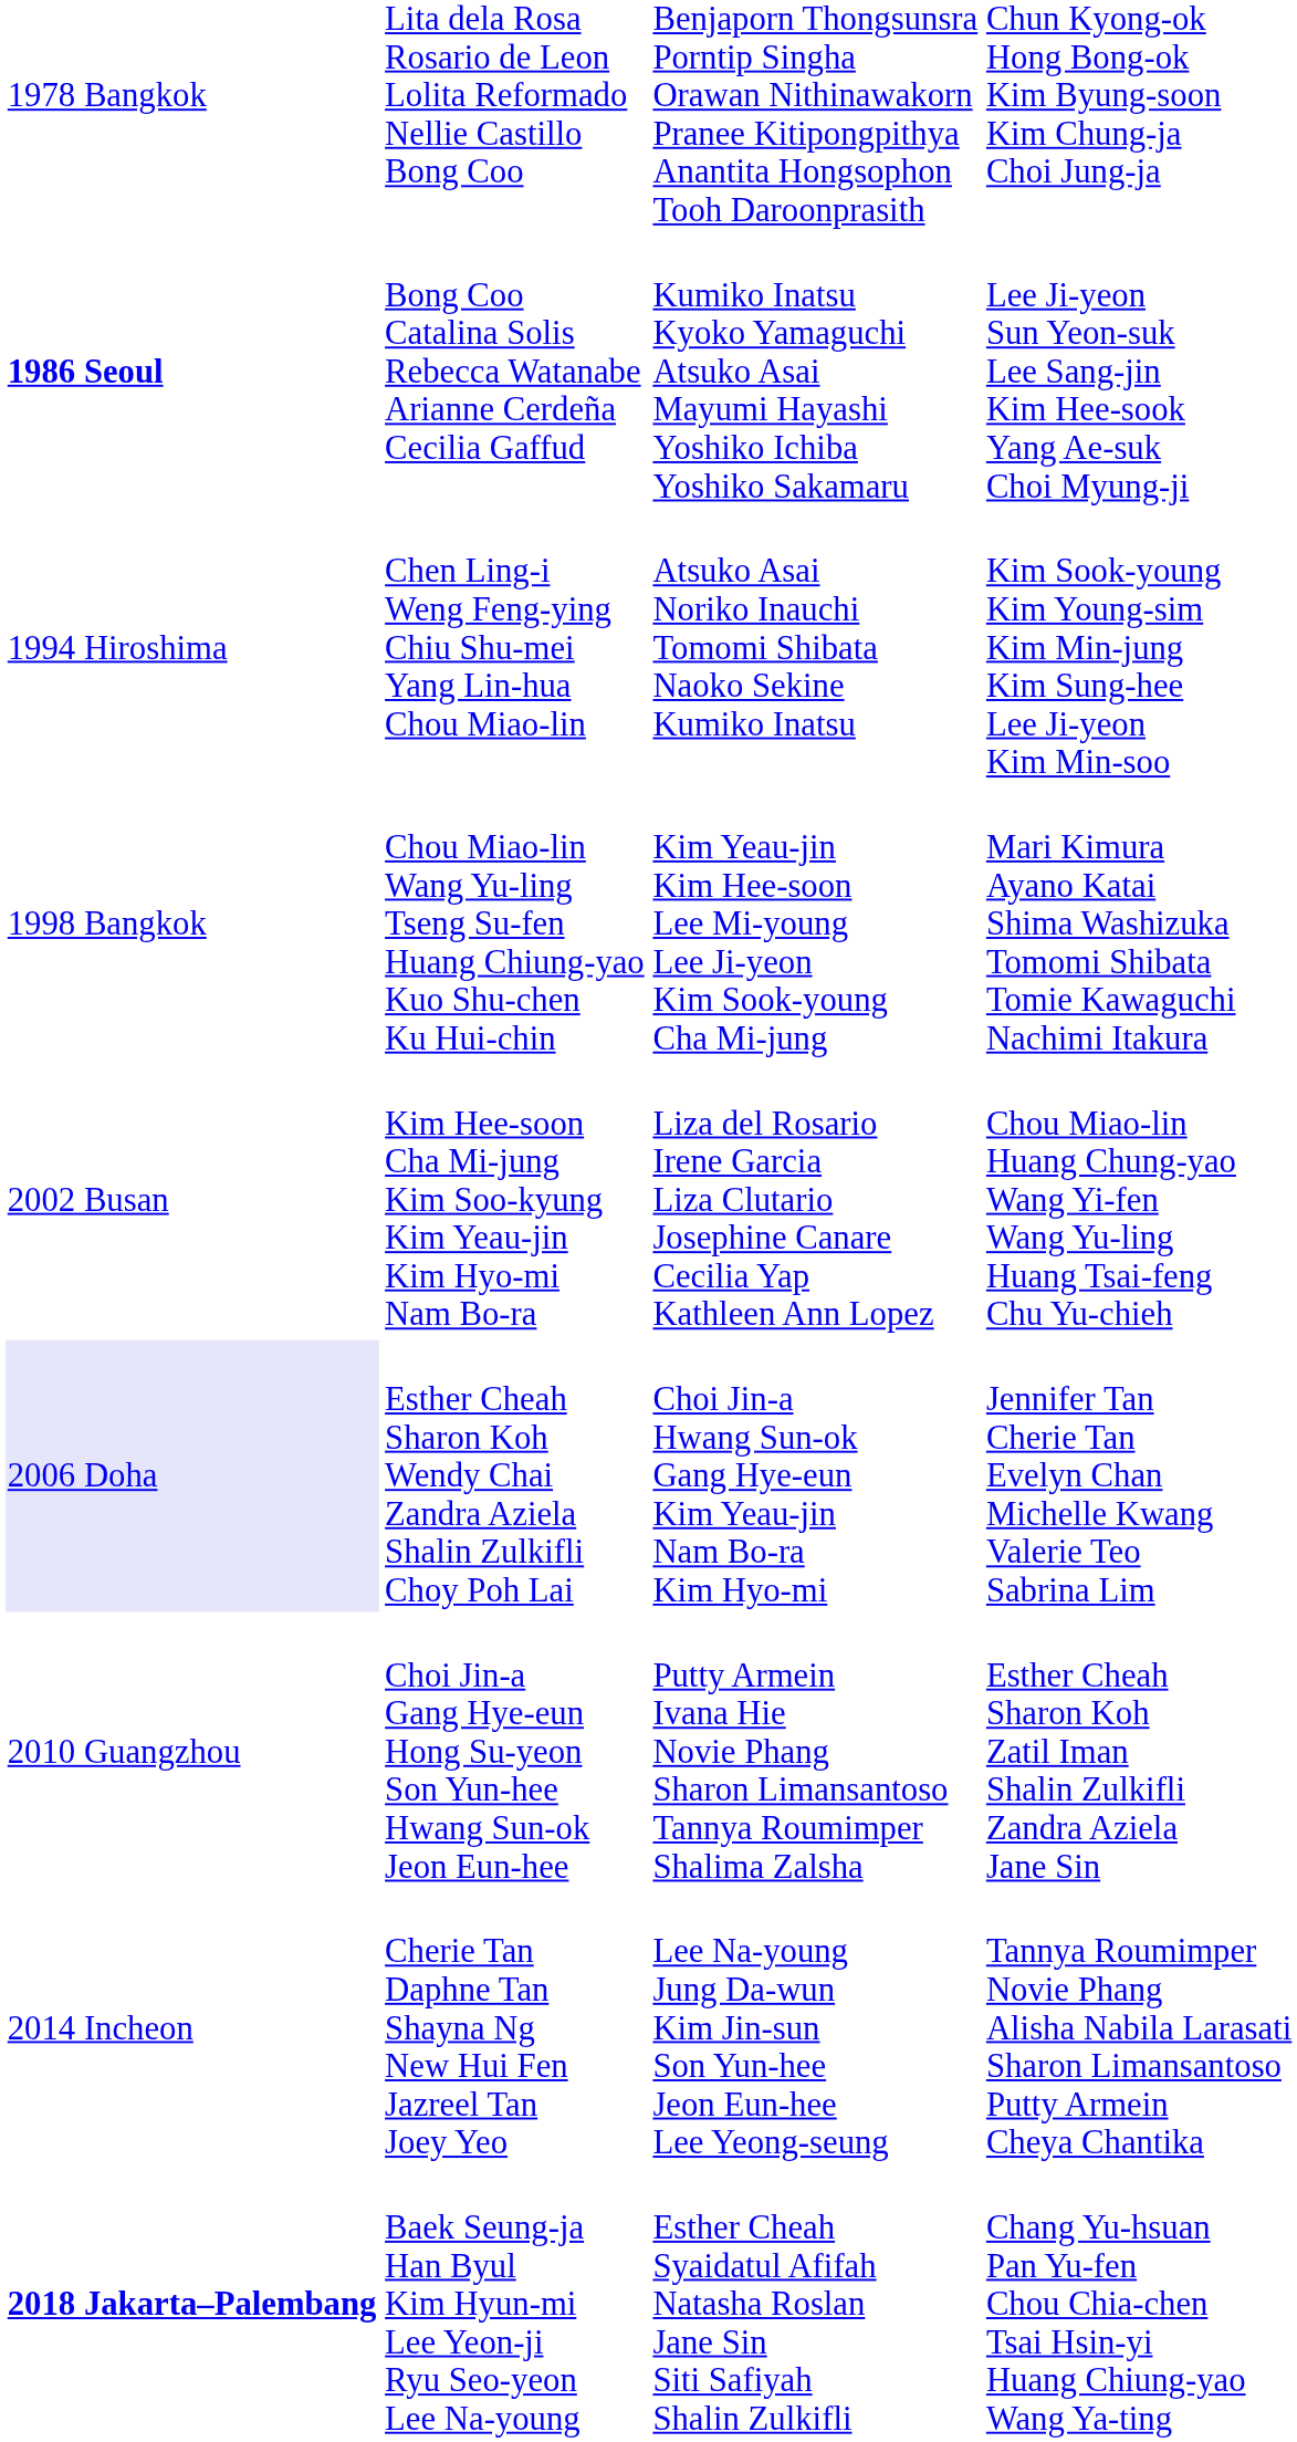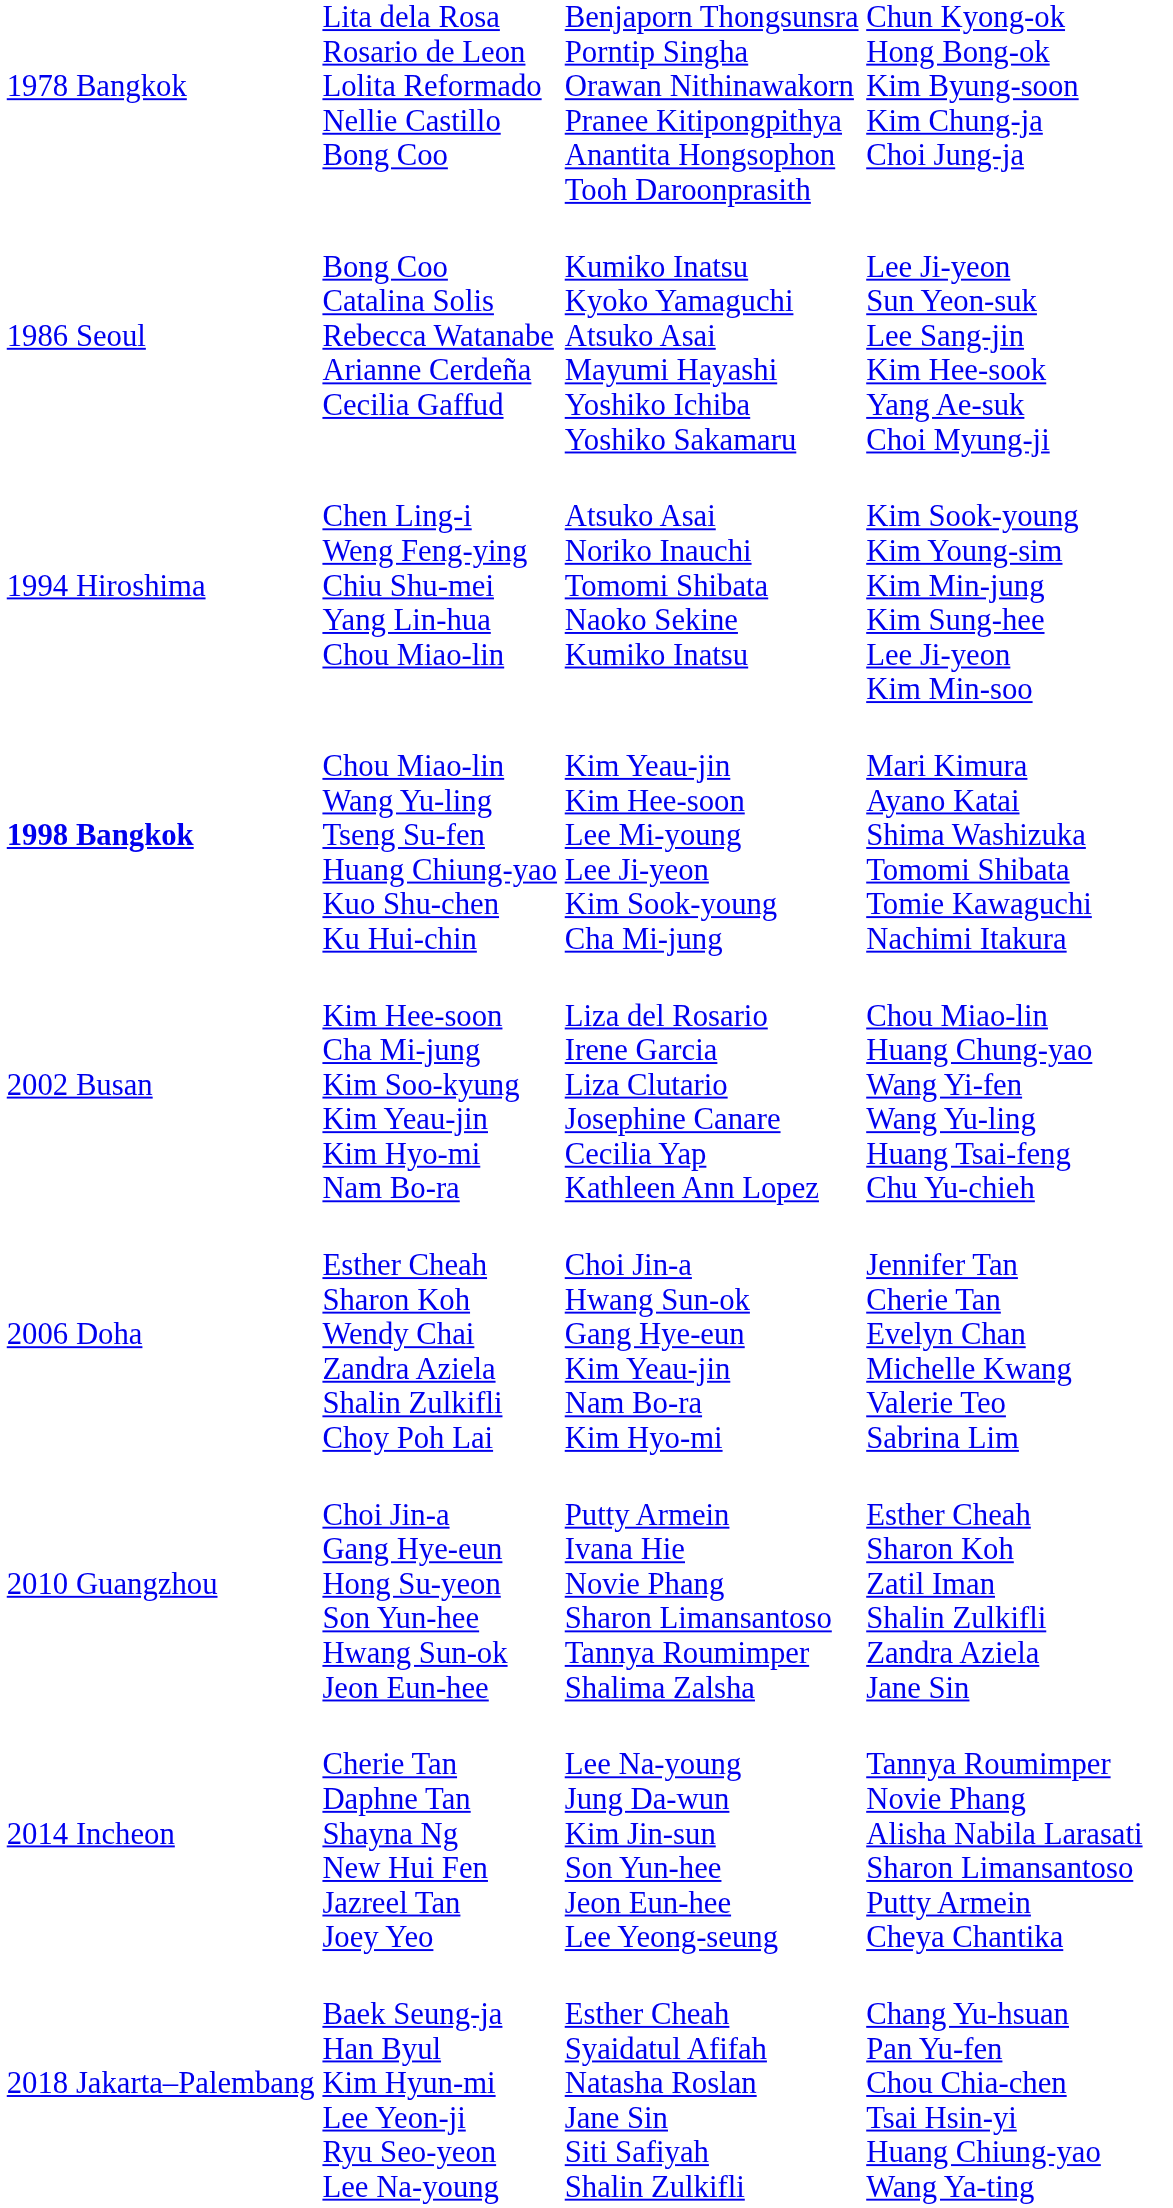 <table>
 <tr>
 <td><a href='#'>1978 Bangkok</a></td>
 <td valign=top><br><a href='#'>Lita dela Rosa</a><br><a href='#'>Rosario de Leon</a><br><a href='#'>Lolita Reformado</a><br><a href='#'>Nellie Castillo</a><br><a href='#'>Bong Coo</a></td>
 <td><br><a href='#'>Benjaporn Thongsunsra</a><br><a href='#'>Porntip Singha</a><br><a href='#'>Orawan Nithinawakorn</a><br><a href='#'>Pranee Kitipongpithya</a><br><a href='#'>Anantita Hongsophon</a><br><a href='#'>Tooh Daroonprasith</a></td>
 <td valign=top><br><a href='#'>Chun Kyong-ok</a><br><a href='#'>Hong Bong-ok</a><br><a href='#'>Kim Byung-soon</a><br><a href='#'>Kim Chung-ja</a><br><a href='#'>Choi Jung-ja</a></td>
 </tr>
 <tr>
-<td><strong><a href='#'>1986 Seoul</a></strong></td>
+<td><a href='#'>1986 Seoul</a></td>
 <td valign=top><br><a href='#'>Bong Coo</a><br><a href='#'>Catalina Solis</a><br><a href='#'>Rebecca Watanabe</a><br><a href='#'>Arianne Cerdeña</a><br><a href='#'>Cecilia Gaffud</a></td>
 <td><br><a href='#'>Kumiko Inatsu</a><br><a href='#'>Kyoko Yamaguchi</a><br><a href='#'>Atsuko Asai</a><br><a href='#'>Mayumi Hayashi</a><br><a href='#'>Yoshiko Ichiba</a><br><a href='#'>Yoshiko Sakamaru</a></td>
 <td><br><a href='#'>Lee Ji-yeon</a><br><a href='#'>Sun Yeon-suk</a><br><a href='#'>Lee Sang-jin</a><br><a href='#'>Kim Hee-sook</a><br><a href='#'>Yang Ae-suk</a><br><a href='#'>Choi Myung-ji</a></td>
 </tr>
 <tr>
 <td><a href='#'>1994 Hiroshima</a></td>
 <td valign=top><br><a href='#'>Chen Ling-i</a><br><a href='#'>Weng Feng-ying</a><br><a href='#'>Chiu Shu-mei</a><br><a href='#'>Yang Lin-hua</a><br><a href='#'>Chou Miao-lin</a></td>
 <td valign=top><br><a href='#'>Atsuko Asai</a><br><a href='#'>Noriko Inauchi</a><br><a href='#'>Tomomi Shibata</a><br><a href='#'>Naoko Sekine</a><br><a href='#'>Kumiko Inatsu</a></td>
 <td><br><a href='#'>Kim Sook-young</a><br><a href='#'>Kim Young-sim</a><br><a href='#'>Kim Min-jung</a><br><a href='#'>Kim Sung-hee</a><br><a href='#'>Lee Ji-yeon</a><br><a href='#'>Kim Min-soo</a></td>
 </tr>
 <tr>
-<td><a href='#'>1998 Bangkok</a></td>
+<td><strong><a href='#'>1998 Bangkok</a></strong></td>
 <td><br><a href='#'>Chou Miao-lin</a><br><a href='#'>Wang Yu-ling</a><br><a href='#'>Tseng Su-fen</a><br><a href='#'>Huang Chiung-yao</a><br><a href='#'>Kuo Shu-chen</a><br><a href='#'>Ku Hui-chin</a></td>
 <td><br><a href='#'>Kim Yeau-jin</a><br><a href='#'>Kim Hee-soon</a><br><a href='#'>Lee Mi-young</a><br><a href='#'>Lee Ji-yeon</a><br><a href='#'>Kim Sook-young</a><br><a href='#'>Cha Mi-jung</a></td>
 <td><br><a href='#'>Mari Kimura</a><br><a href='#'>Ayano Katai</a><br><a href='#'>Shima Washizuka</a><br><a href='#'>Tomomi Shibata</a><br><a href='#'>Tomie Kawaguchi</a><br><a href='#'>Nachimi Itakura</a></td>
 </tr>
 <tr>
 <td><a href='#'>2002 Busan</a></td>
 <td><br><a href='#'>Kim Hee-soon</a><br><a href='#'>Cha Mi-jung</a><br><a href='#'>Kim Soo-kyung</a><br><a href='#'>Kim Yeau-jin</a><br><a href='#'>Kim Hyo-mi</a><br><a href='#'>Nam Bo-ra</a></td>
 <td><br><a href='#'>Liza del Rosario</a><br><a href='#'>Irene Garcia</a><br><a href='#'>Liza Clutario</a><br><a href='#'>Josephine Canare</a><br><a href='#'>Cecilia Yap</a><br><a href='#'>Kathleen Ann Lopez</a></td>
 <td><br><a href='#'>Chou Miao-lin</a><br><a href='#'>Huang Chung-yao</a><br><a href='#'>Wang Yi-fen</a><br><a href='#'>Wang Yu-ling</a><br><a href='#'>Huang Tsai-feng</a><br><a href='#'>Chu Yu-chieh</a></td>
 </tr>
 <tr>
-<td style="background: lavender;"><a href='#'>2006 Doha</a></td>
+<td><a href='#'>2006 Doha</a></td>
 <td><br><a href='#'>Esther Cheah</a><br><a href='#'>Sharon Koh</a><br><a href='#'>Wendy Chai</a><br><a href='#'>Zandra Aziela</a><br><a href='#'>Shalin Zulkifli</a><br><a href='#'>Choy Poh Lai</a></td>
 <td><br><a href='#'>Choi Jin-a</a><br><a href='#'>Hwang Sun-ok</a><br><a href='#'>Gang Hye-eun</a><br><a href='#'>Kim Yeau-jin</a><br><a href='#'>Nam Bo-ra</a><br><a href='#'>Kim Hyo-mi</a></td>
 <td><br><a href='#'>Jennifer Tan</a><br><a href='#'>Cherie Tan</a><br><a href='#'>Evelyn Chan</a><br><a href='#'>Michelle Kwang</a><br><a href='#'>Valerie Teo</a><br><a href='#'>Sabrina Lim</a></td>
 </tr>
 <tr>
 <td><a href='#'>2010 Guangzhou</a></td>
 <td><br><a href='#'>Choi Jin-a</a><br><a href='#'>Gang Hye-eun</a><br><a href='#'>Hong Su-yeon</a><br><a href='#'>Son Yun-hee</a><br><a href='#'>Hwang Sun-ok</a><br><a href='#'>Jeon Eun-hee</a></td>
 <td><br><a href='#'>Putty Armein</a><br><a href='#'>Ivana Hie</a><br><a href='#'>Novie Phang</a><br><a href='#'>Sharon Limansantoso</a><br><a href='#'>Tannya Roumimper</a><br><a href='#'>Shalima Zalsha</a></td>
 <td><br><a href='#'>Esther Cheah</a><br><a href='#'>Sharon Koh</a><br><a href='#'>Zatil Iman</a><br><a href='#'>Shalin Zulkifli</a><br><a href='#'>Zandra Aziela</a><br><a href='#'>Jane Sin</a></td>
 </tr>
 <tr>
 <td><a href='#'>2014 Incheon</a></td>
 <td><br><a href='#'>Cherie Tan</a><br><a href='#'>Daphne Tan</a><br><a href='#'>Shayna Ng</a><br><a href='#'>New Hui Fen</a><br><a href='#'>Jazreel Tan</a><br><a href='#'>Joey Yeo</a></td>
 <td><br><a href='#'>Lee Na-young</a><br><a href='#'>Jung Da-wun</a><br><a href='#'>Kim Jin-sun</a><br><a href='#'>Son Yun-hee</a><br><a href='#'>Jeon Eun-hee</a><br><a href='#'>Lee Yeong-seung</a></td>
 <td><br><a href='#'>Tannya Roumimper</a><br><a href='#'>Novie Phang</a><br><a href='#'>Alisha Nabila Larasati</a><br><a href='#'>Sharon Limansantoso</a><br><a href='#'>Putty Armein</a><br><a href='#'>Cheya Chantika</a></td>
 </tr>
 <tr>
-<td><strong><a href='#'>2018 Jakarta–Palembang</a></strong></td>
+<td><a href='#'>2018 Jakarta–Palembang</a></td>
 <td><br><a href='#'>Baek Seung-ja</a><br><a href='#'>Han Byul</a><br><a href='#'>Kim Hyun-mi</a><br><a href='#'>Lee Yeon-ji</a><br><a href='#'>Ryu Seo-yeon</a><br><a href='#'>Lee Na-young</a></td>
 <td><br><a href='#'>Esther Cheah</a><br><a href='#'>Syaidatul Afifah</a><br><a href='#'>Natasha Roslan</a><br><a href='#'>Jane Sin</a><br><a href='#'>Siti Safiyah</a><br><a href='#'>Shalin Zulkifli</a></td>
 <td><br><a href='#'>Chang Yu-hsuan</a><br><a href='#'>Pan Yu-fen</a><br><a href='#'>Chou Chia-chen</a><br><a href='#'>Tsai Hsin-yi</a><br><a href='#'>Huang Chiung-yao</a><br><a href='#'>Wang Ya-ting</a></td>
 </tr>
 </table>
